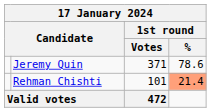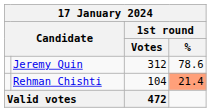 <table class="wikitable" style="min-width:250px;">
 <tr>
 <th colspan="4">17 January 2024</th>
 </tr>
 <tr>
 <th colspan="2" rowspan="2">Candidate</th>
 <th colspan="2">1st round</th>
 </tr>
 <tr>
 <th>Votes</th>
 <th>%</th>
 </tr>
 <tr>
 <td style="color:inherit;background-color: "></td>
 <td><a href='#'>Jeremy Quin</a></td>
-<td align="right">371</td>
+<td align="right">312</td>
 <td align="right">78.6</td>
 </tr>
 <tr>
 <td style="color:inherit;background-color: "></td>
 <td><a href='#'>Rehman Chishti</a></td>
-<td align="right">101</td>
+<td align="right">104</td>
 <td align="right" style="background: lightsalmon;">21.4</td>
 </tr>
 <tr>
 <th style="text-align:left;" colspan="2"><strong>Valid votes</strong></th>
 <th style="text-align:right;">472</th>
 </tr>
 </table>
